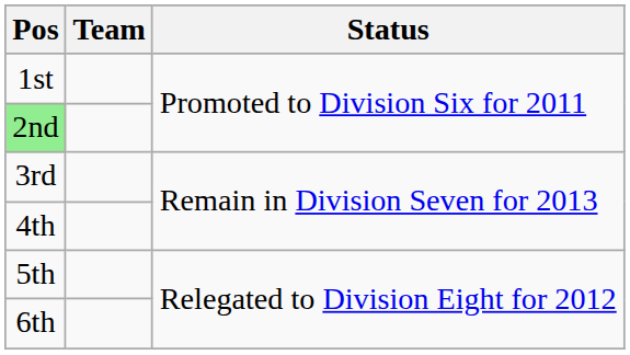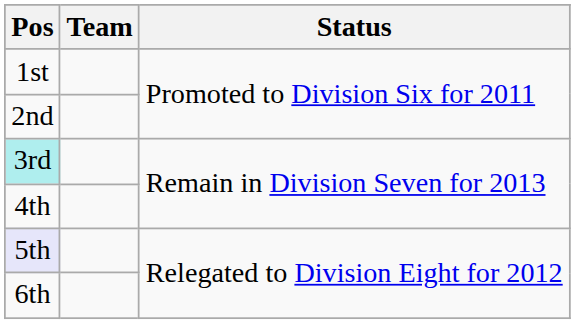 <table class="wikitable">
 <tr>
 <th>Pos</th>
 <th>Team</th>
 <th>Status</th>
 </tr>
 <tr>
 <td align="center">1st</td>
 <td></td>
 <td rowspan=2>Promoted to <a href='#'>Division Six for 2011</a></td>
 </tr>
 <tr>
-<td align="center" style="background: lightgreen;">2nd</td>
+<td align="center">2nd</td>
 <td></td>
 </tr>
 <tr>
-<td align="center">3rd</td>
+<td align="center" style="background: paleturquoise;">3rd</td>
 <td></td>
 <td rowspan=2>Remain in <a href='#'>Division Seven for 2013</a></td>
 </tr>
 <tr>
 <td align="center">4th</td>
 <td></td>
 </tr>
 <tr>
-<td align="center">5th</td>
+<td align="center" style="background: lavender;">5th</td>
 <td></td>
 <td rowspan=2>Relegated to <a href='#'>Division Eight for 2012</a></td>
 </tr>
 <tr>
 <td align="center">6th</td>
 <td></td>
 </tr>
 </table>
